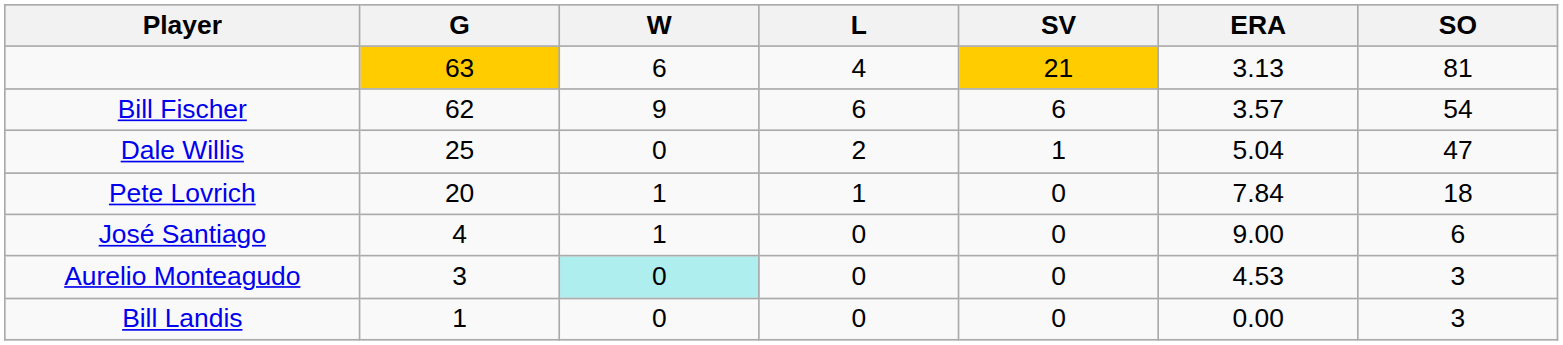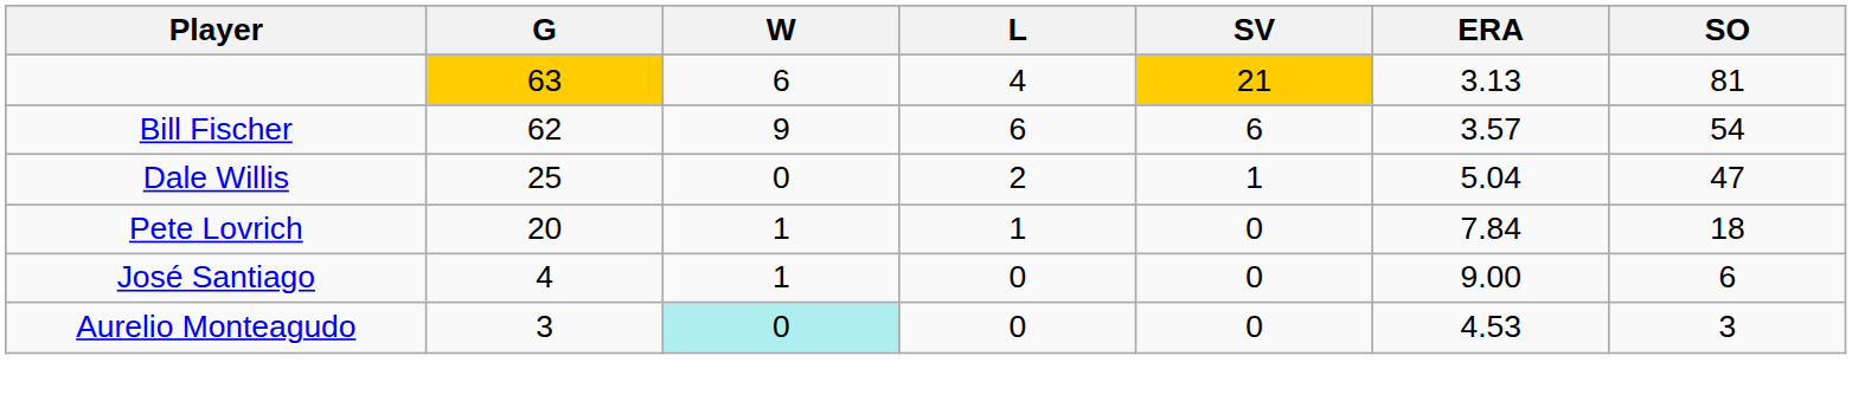 <table class="wikitable sortable">
 <tr>
 <th bgcolor="#DDDDFF" width="16%">Player</th>
 <th bgcolor="#DDDDFF" width="9%">G</th>
 <th bgcolor="#DDDDFF" width="9%">W</th>
 <th bgcolor="#DDDDFF" width="9%">L</th>
 <th bgcolor="#DDDDFF" width="9%">SV</th>
 <th bgcolor="#DDDDFF" width="9%">ERA</th>
 <th bgcolor="#DDDDFF" width="9%">SO</th>
 </tr>
 <tr align="center">
 <td></td>
 <td style="background:#fc0;">63</td>
 <td>6</td>
 <td>4</td>
 <td style="background:#fc0;">21</td>
 <td>3.13</td>
 <td>81</td>
 </tr>
 <tr align="center">
 <td><a href='#'>Bill Fischer</a></td>
 <td>62</td>
 <td>9</td>
 <td>6</td>
 <td>6</td>
 <td>3.57</td>
 <td>54</td>
 </tr>
 <tr align=center>
 <td><a href='#'>Dale Willis</a></td>
 <td>25</td>
 <td>0</td>
 <td>2</td>
 <td>1</td>
 <td>5.04</td>
 <td>47</td>
 </tr>
 <tr align=center>
 <td><a href='#'>Pete Lovrich</a></td>
 <td>20</td>
 <td>1</td>
 <td>1</td>
 <td>0</td>
 <td>7.84</td>
 <td>18</td>
 </tr>
 <tr align=center>
 <td><a href='#'>José Santiago</a></td>
 <td>4</td>
 <td>1</td>
 <td>0</td>
 <td>0</td>
 <td>9.00</td>
 <td>6</td>
 </tr>
 <tr align=center>
 <td><a href='#'>Aurelio Monteagudo</a></td>
 <td>3</td>
 <td style="background: paleturquoise;">0</td>
 <td>0</td>
 <td>0</td>
 <td>4.53</td>
 <td>3</td>
 </tr>
-<tr align=center>
-<td><a href='#'>Bill Landis</a></td>
-<td>1</td>
-<td>0</td>
-<td>0</td>
-<td>0</td>
-<td>0.00</td>
-<td>3</td>
-</tr>
 </table>
